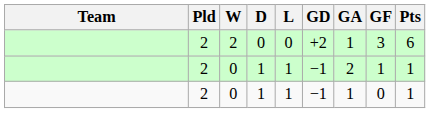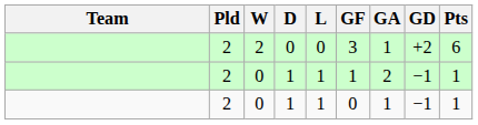 <table class="wikitable" style="text-align:center;">
 <tr>
 <th width=175>Team</th>
 <th width=20 abbr="Played">Pld</th>
 <th width=20 abbr="Won">W</th>
 <th width=20 abbr="Drawn">D</th>
 <th width=20 abbr="Lost">L</th>
+<th width=20 abbr="Goals for">GF</th>
+<th width=20 abbr="Goals against">GA</th>
 <th width=20 abbr="Goal difference">GD</th>
-<th width=20 abbr="Goals against">GA</th>
-<th width=20 abbr="Goals for">GF</th>
 <th width=20 abbr="Points">Pts</th>
 </tr>
 <tr ---- align="center" bgcolor="ccffcc">
 <td align="left"></td>
 <td>2</td>
 <td>2</td>
 <td>0</td>
 <td>0</td>
+<td>3</td>
+<td>1</td>
 <td>+2</td>
-<td>1</td>
-<td>3</td>
 <td>6</td>
 </tr>
 <tr ---- align="center" bgcolor="ccffcc">
 <td align="left"></td>
 <td>2</td>
 <td>0</td>
 <td>1</td>
 <td>1</td>
+<td>1</td>
+<td>2</td>
 <td>−1</td>
-<td>2</td>
-<td>1</td>
 <td>1</td>
 </tr>
 <tr ---- align="center">
 <td align="left"></td>
 <td>2</td>
 <td>0</td>
 <td>1</td>
 <td>1</td>
+<td>0</td>
+<td>1</td>
 <td>−1</td>
-<td>1</td>
-<td>0</td>
 <td>1</td>
 </tr>
 </table>
